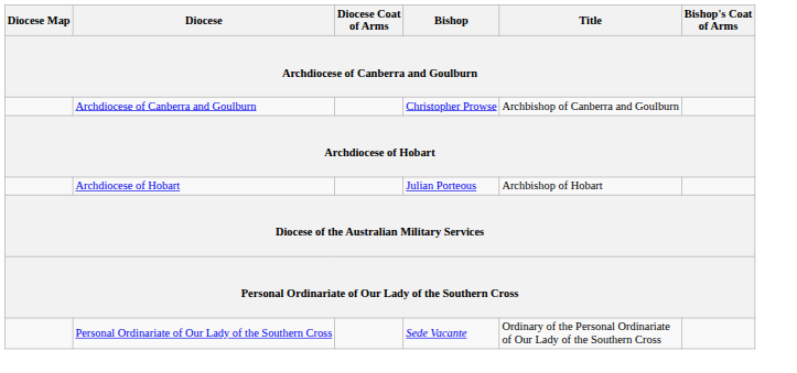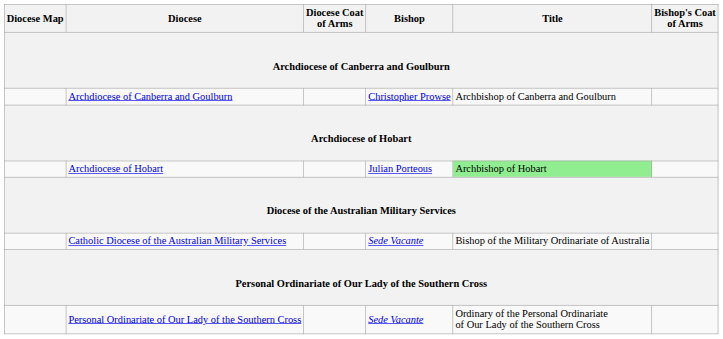 <table class="wikitable sortable">
 <tr>
 <th class="unsortable">Diocese Map</th>
 <th>Diocese</th>
 <th class="unsortable">Diocese Coat<br>of Arms</th>
 <th>Bishop</th>
 <th>Title</th>
 <th class="unsortable">Bishop's Coat<br>of Arms</th>
 </tr>
 <tr>
 <th colspan="6"><br><h4>Archdiocese of Canberra and Goulburn</h4></th>
 </tr>
 <tr>
 <td></td>
 <td><a href='#'>Archdiocese of Canberra and Goulburn</a></td>
 <td></td>
 <td><a href='#'>Christopher Prowse</a></td>
 <td>Archbishop of Canberra and Goulburn</td>
 <td></td>
 </tr>
 <tr>
 <th colspan="6"><br><h4>Archdiocese of Hobart</h4></th>
 </tr>
 <tr>
 <td></td>
 <td><a href='#'>Archdiocese of Hobart</a></td>
 <td></td>
 <td><a href='#'>Julian Porteous</a></td>
-<td>Archbishop of Hobart</td>
+<td style="background: lightgreen;">Archbishop of Hobart</td>
 <td></td>
 </tr>
 <tr>
 <th colspan="6"><br><h4>Diocese of the Australian Military Services</h4></th>
+</tr>
+<tr>
+<td rowspan="1"></td>
+<td rowspan="1"><a href='#'>Catholic Diocese of the Australian Military Services</a></td>
+<td rowspan="1"></td>
+<td><em><a href='#'>Sede Vacante</a></em></td>
+<td>Bishop of the Military Ordinariate of Australia</td>
+<td></td>
 </tr>
 <tr>
 <th colspan="6"><br><h4>Personal Ordinariate of Our Lady of the Southern Cross</h4></th>
 </tr>
 <tr>
 <td rowspan="1"></td>
 <td rowspan="1"><a href='#'>Personal Ordinariate of Our Lady of the Southern Cross</a></td>
 <td rowspan="1"></td>
 <td><em><a href='#'>Sede Vacante</a></em></td>
 <td>Ordinary of the Personal Ordinariate<br> of Our Lady of the Southern Cross</td>
 </tr>
 </table>
